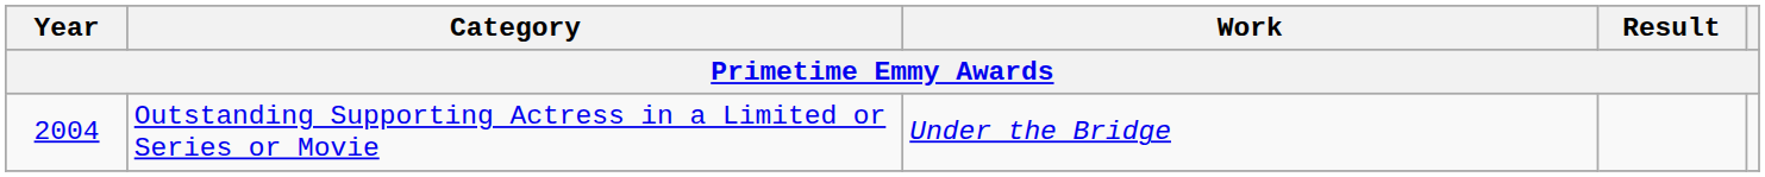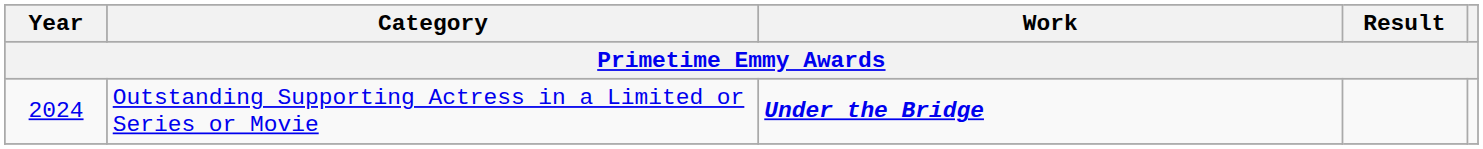 <table class="wikitable">
 <tr>
 <th scope="col" style="width:4em;">Year</th>
 <th scope="col" style="width:28em;">Category</th>
 <th scope="col" style="width:25em;">Work</th>
 <th scope="col" style="width:5em;">Result</th>
 <th></th>
 </tr>
 <tr>
 <th colspan="5"><a href='#'>Primetime Emmy Awards</a></th>
 </tr>
 <tr>
-<td style="text-align:center;"><a href='#'>2004</a></td>
+<td style="text-align:center;"><a href='#'>2024</a></td>
 <td><a href='#'>Outstanding Supporting Actress in a Limited or Series or Movie</a></td>
-<td><em><a href='#'>Under the Bridge</a></em></td>
+<td><strong><em><a href='#'>Under the Bridge</a></em></strong></td>
 <td></td>
 <td align="center"></td>
 </tr>
 </table>
